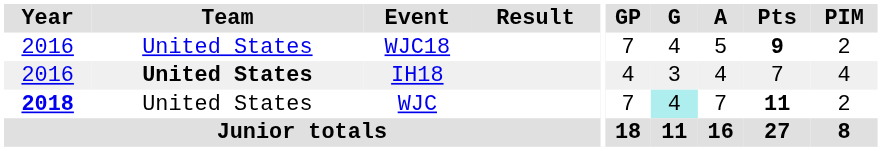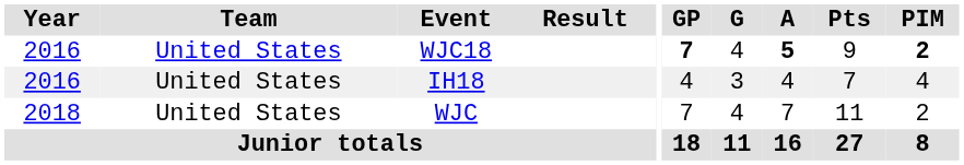 <table border="0" cellpadding="1" cellspacing="0" ID="Table3" style="text-align:center; width:40em">
 <tr ALIGN="center" bgcolor="#e0e0e0">
 <th>Year</th>
 <th>Team</th>
 <th>Event</th>
 <th>Result</th>
 <th rowspan="99" bgcolor="#ffffff"></th>
 <th>GP</th>
 <th>G</th>
 <th>A</th>
 <th>Pts</th>
 <th>PIM</th>
 </tr>
 <tr>
 <td><a href='#'>2016</a></td>
 <td><a href='#'>United States</a></td>
 <td><a href='#'>WJC18</a></td>
 <td></td>
-<td>7</td>
+<td><strong>7</strong></td>
 <td>4</td>
-<td>5</td>
-<td><strong>9</strong></td>
-<td>2</td>
+<td><strong>5</strong></td>
+<td>9</td>
+<td><strong>2</strong></td>
 </tr>
 <tr bgcolor="#f0f0f0">
 <td><a href='#'>2016</a></td>
-<td><strong>United States</strong></td>
+<td>United States</td>
 <td><a href='#'>IH18</a></td>
 <td></td>
 <td>4</td>
 <td>3</td>
 <td>4</td>
 <td>7</td>
 <td>4</td>
 </tr>
 <tr>
-<td><strong><a href='#'>2018</a></strong></td>
+<td><a href='#'>2018</a></td>
 <td>United States</td>
 <td><a href='#'>WJC</a></td>
 <td></td>
 <td>7</td>
-<td style="background: paleturquoise;">4</td>
+<td>4</td>
 <td>7</td>
-<td><strong>11</strong></td>
+<td>11</td>
 <td>2</td>
 </tr>
 <tr bgcolor="#e0e0e0">
 <th colspan="4">Junior totals</th>
 <th>18</th>
 <th>11</th>
 <th>16</th>
 <th>27</th>
 <th>8</th>
 </tr>
 </table>
